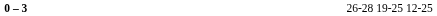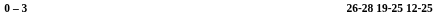 <table width=100% cellspacing=1>
 <tr>
 <th width=20%></th>
 <th width=12%></th>
 <th width=20%></th>
 <th width=33%></th>
 <td></td>
 </tr>
 <tr style=font-size:90%>
 <td align=right></td>
 <td align=center><strong>0 – 3</strong></td>
 <td></td>
-<td>26-28 19-25 12-25</td>
+<td><strong>26-28 19-25 12-25</strong></td>
 </tr>
 </table>
